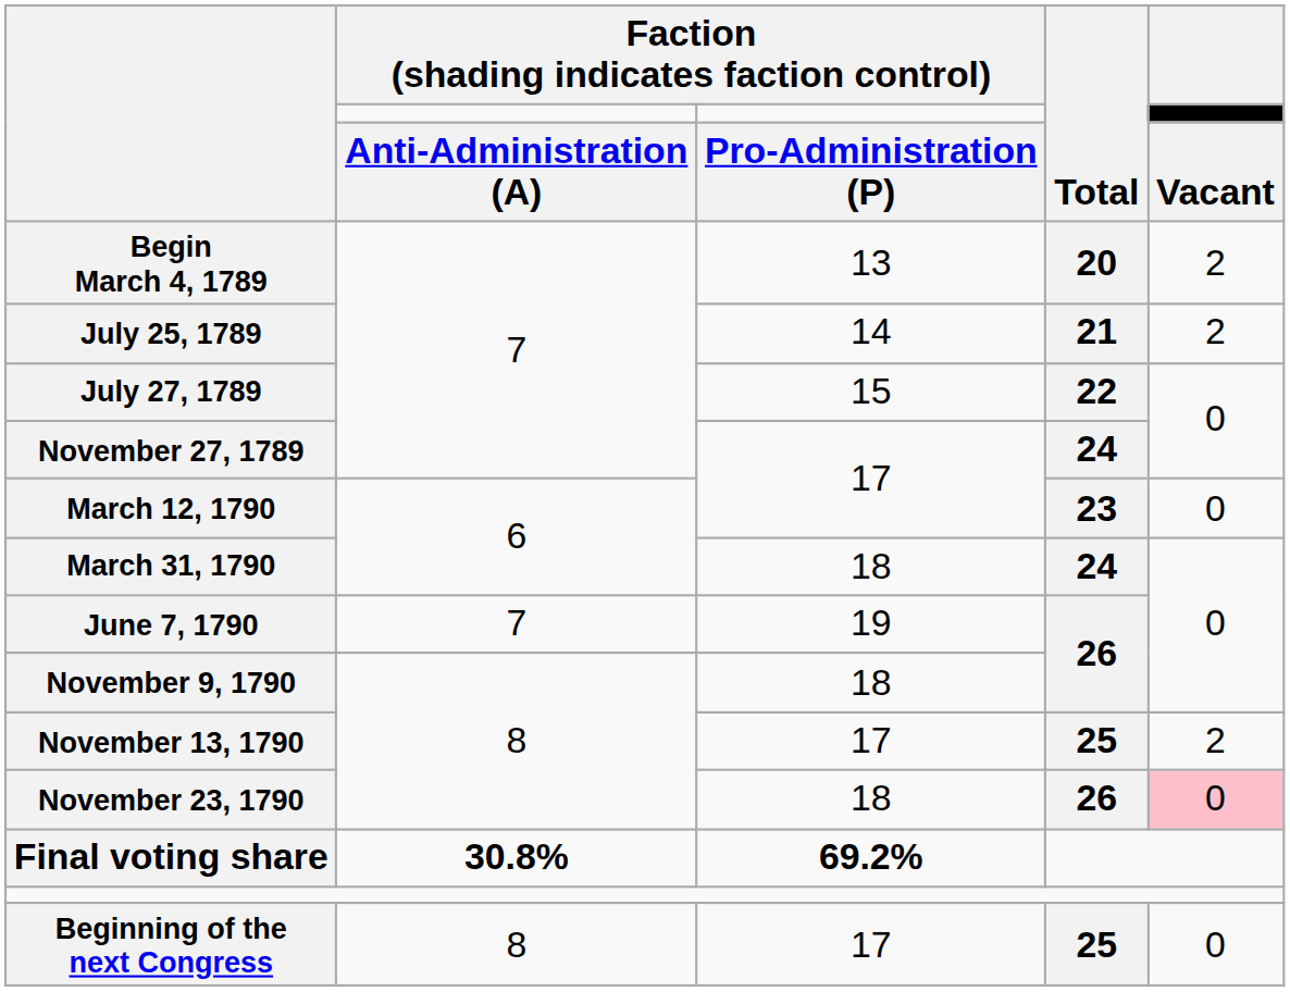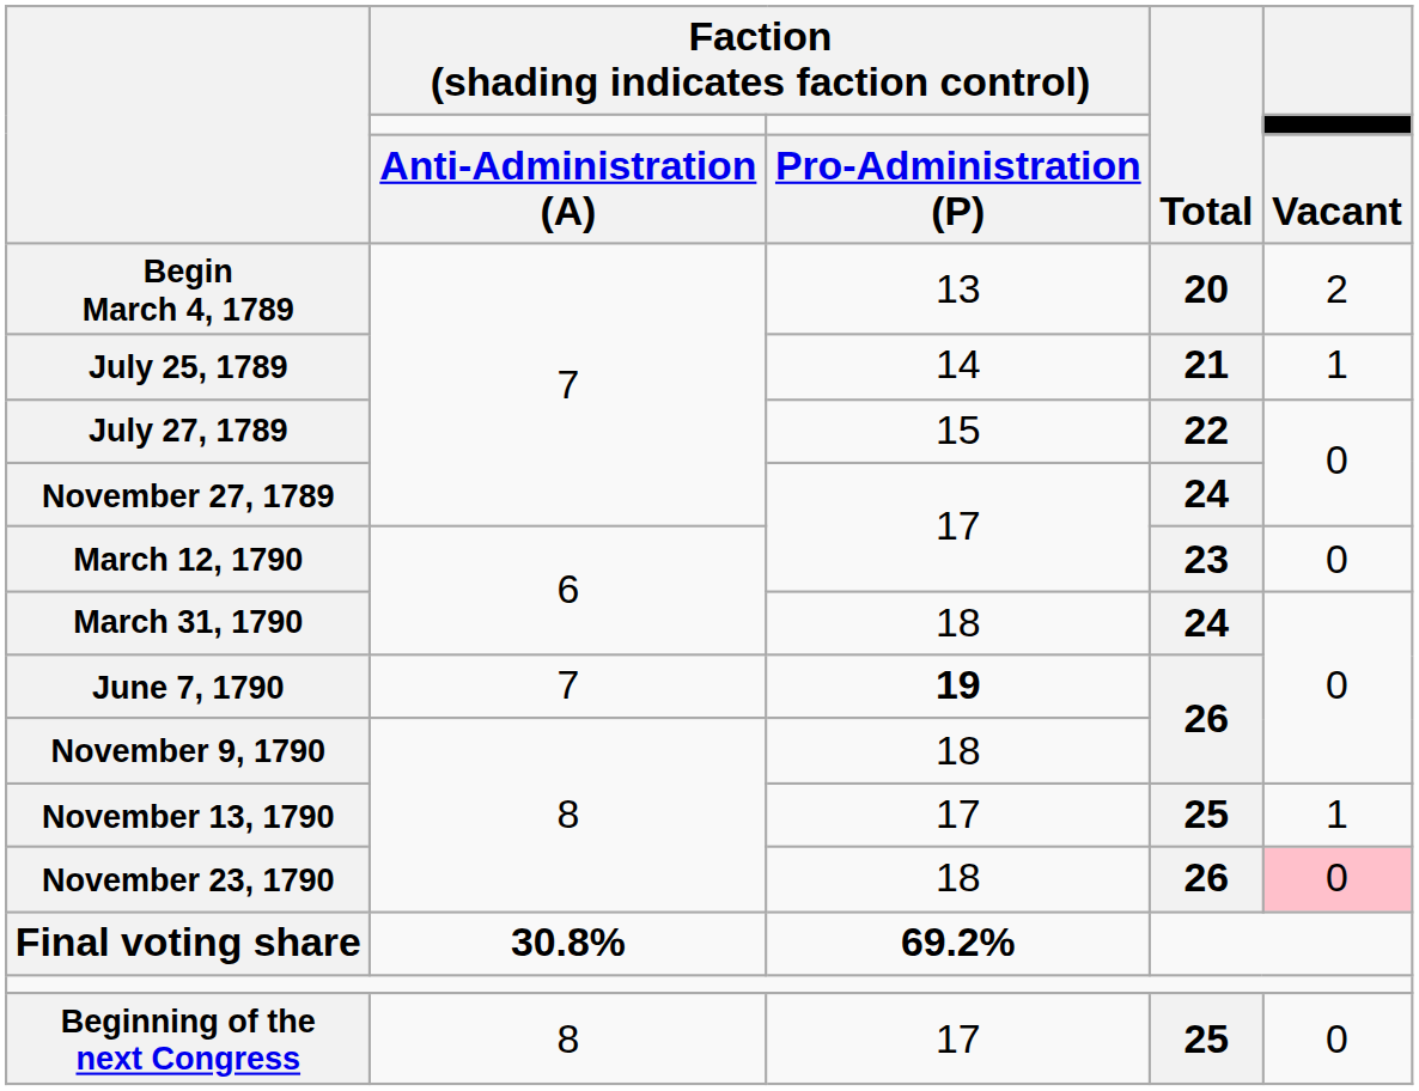 <table class=wikitable style="text-align:center">
 <tr style="vertical-align:bottom;">
 <th rowspan=3></th>
 <th colspan=2>Faction <div>(shading indicates faction control)</div></th>
 <th rowspan=3>Total</th>
 <th></th>
 </tr>
 <tr style="height:5px">
 <td style="background-color:"></td>
 <td style="background-color:"></td>
 <td style="background-color:black"></td>
 </tr>
 <tr valign= bottom>
 <th><a href='#'>Anti-Administration</a><br>(A)</th>
 <th><a href='#'>Pro-Administration</a><br>(P)</th>
 <th>Vacant</th>
 </tr>
 <tr>
 <th nowrap style="font-size:80%">Begin<br>March 4, 1789</th>
 <td rowspan=4>7</td>
 <td>13</td>
 <th>20</th>
 <td>2</td>
 </tr>
 <tr>
 <th nowrap style="font-size:80%">July 25, 1789</th>
 <td>14</td>
 <th>21</th>
-<td>2</td>
+<td>1</td>
 </tr>
 <tr>
 <th nowrap style="font-size:80%">July 27, 1789</th>
 <td>15</td>
 <th>22</th>
 <td rowspan=2>0</td>
 </tr>
 <tr>
 <th nowrap style="font-size:80%">November 27, 1789</th>
 <td rowspan=2 >17</td>
 <th>24</th>
 </tr>
 <tr>
 <th nowrap style="font-size:80%">March 12, 1790</th>
 <td rowspan=2>6</td>
 <th>23</th>
 <td>0</td>
 </tr>
 <tr>
 <th nowrap style="font-size:80%">March 31, 1790</th>
 <td>18</td>
 <th>24</th>
 <td rowspan=3>0</td>
 </tr>
 <tr>
 <th nowrap style="font-size:80%">June 7, 1790</th>
 <td>7</td>
-<td>19</td>
+<td><strong>19</strong></td>
 <th rowspan=2>26</th>
 </tr>
 <tr>
 <th nowrap style="font-size:80%">November 9, 1790</th>
 <td rowspan=3>8</td>
 <td>18</td>
 </tr>
 <tr>
 <th nowrap style="font-size:80%">November 13, 1790</th>
 <td>17</td>
 <th>25</th>
-<td>2</td>
+<td>1</td>
 </tr>
 <tr>
 <th nowrap style="font-size:80%">November 23, 1790</th>
 <td>18</td>
 <th>26</th>
 <td style="background: pink;">0</td>
 </tr>
 <tr>
 <th>Final voting share</th>
 <td><strong>30.8%</strong></td>
 <td><strong>69.2%</strong></td>
 <td colspan=3></td>
 </tr>
 <tr>
 <td colspan=5></td>
 </tr>
 <tr>
 <th nowrap style="font-size:80%">Beginning of the<br><a href='#'>next Congress</a></th>
 <td>8</td>
 <td>17</td>
 <th>25</th>
 <td>0</td>
 </tr>
 </table>
